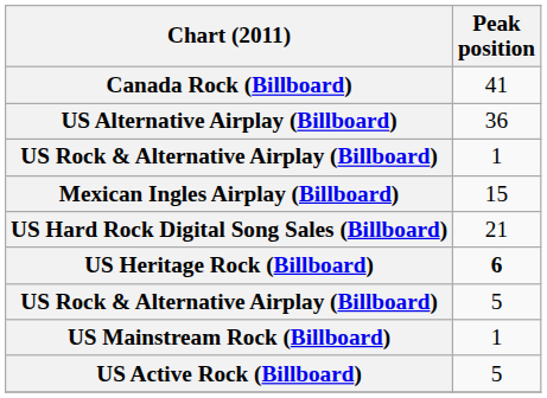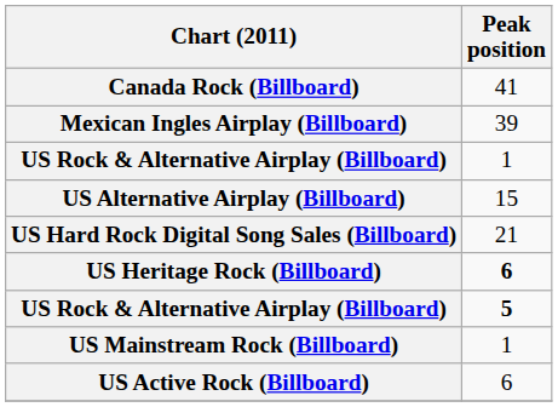 <table class="wikitable sortable plainrowheaders" style="text-align:center">
 <tr>
 <th scope="col">Chart (2011)</th>
 <th scope="col">Peak<br>position</th>
 </tr>
 <tr>
 <th scope="row">Canada Rock (<a href='#'>Billboard</a>)</th>
 <td style="text-align:center;">41</td>
 </tr>
 <tr>
-<th scope="row">US Alternative Airplay (<a href='#'>Billboard</a>)</th>
-<td style="text-align:center;">36</td>
+<th scope="row">Mexican Ingles Airplay (<a href='#'>Billboard</a>)</th>
+<td style="text-align:center;">39</td>
 </tr>
 <tr>
 <th scope="row">US Rock & Alternative Airplay (<a href='#'>Billboard</a>)</th>
 <td style="text-align:center;">1</td>
 </tr>
 <tr>
-<th scope="row">Mexican Ingles Airplay (<a href='#'>Billboard</a>)</th>
+<th scope="row">US Alternative Airplay (<a href='#'>Billboard</a>)</th>
 <td style="text-align:center;">15</td>
 </tr>
 <tr>
 <th scope="row">US Hard Rock Digital Song Sales (<a href='#'>Billboard</a>)</th>
 <td style="text-align:center;">21</td>
 </tr>
 <tr>
 <th scope="row">US Heritage Rock (<a href='#'>Billboard</a>)</th>
 <td style="text-align:center;"><strong>6</strong></td>
 </tr>
 <tr>
 <th scope="row">US Rock & Alternative Airplay (<a href='#'>Billboard</a>)</th>
-<td style="text-align:center;">5</td>
+<td style="text-align:center;"><strong>5</strong></td>
 </tr>
 <tr>
 <th scope="row">US Mainstream Rock (<a href='#'>Billboard</a>)</th>
 <td style="text-align:center;">1</td>
 </tr>
 <tr>
 <th scope="row">US Active Rock (<a href='#'>Billboard</a>)</th>
-<td style="text-align:center;">5</td>
+<td style="text-align:center;">6</td>
 </tr>
 <tr>
 </tr>
 </table>
